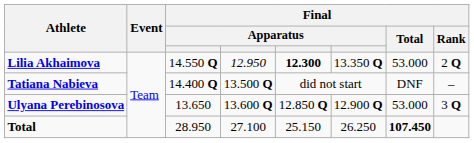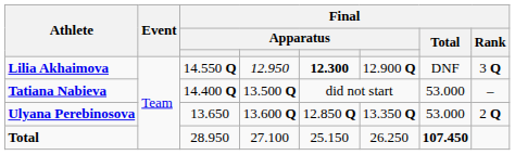 <table class="wikitable" style="text-align:center; font-size:90%">
 <tr>
 <th rowspan=3>Athlete</th>
 <th rowspan=3>Event</th>
 <th colspan=6>Final</th>
 </tr>
 <tr style="font-size:95%">
 <th colspan=4>Apparatus</th>
 <th rowspan=2>Total</th>
 <th rowspan=2>Rank</th>
 </tr>
 <tr style="font-size:95%">
 <th></th>
 <th></th>
 <th></th>
 <th></th>
 </tr>
 <tr>
 <td align=left><strong><a href='#'>Lilia Akhaimova</a></strong></td>
 <td rowspan=4 align=left><a href='#'>Team</a></td>
 <td>14.550 <strong>Q</strong></td>
 <td><em>12.950</em></td>
 <td><strong>12.300</strong></td>
-<td>13.350 <strong>Q</strong></td>
-<td>53.000</td>
-<td>2 <strong>Q</strong></td>
+<td>12.900 <strong>Q</strong></td>
+<td>DNF</td>
+<td>3 <strong>Q</strong></td>
 </tr>
 <tr>
 <td align=left><strong><a href='#'>Tatiana Nabieva</a></strong></td>
 <td>14.400 <strong>Q</strong></td>
 <td>13.500 <strong>Q</strong></td>
 <td colspan=2>did not start</td>
-<td>DNF</td>
+<td>53.000</td>
 <td>–</td>
 </tr>
 <tr>
 <td align=left><strong><a href='#'>Ulyana Perebinosova</a></strong></td>
 <td>13.650</td>
 <td>13.600 <strong>Q</strong></td>
 <td>12.850 <strong>Q</strong></td>
-<td>12.900 <strong>Q</strong></td>
+<td>13.350 <strong>Q</strong></td>
 <td>53.000</td>
-<td>3 <strong>Q</strong></td>
+<td>2 <strong>Q</strong></td>
 </tr>
 <tr>
 <td align=left><strong>Total</strong></td>
 <td>28.950</td>
 <td>27.100</td>
 <td>25.150</td>
 <td>26.250</td>
 <td><strong>107.450</strong></td>
 <td></td>
 </tr>
 </table>
